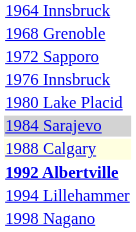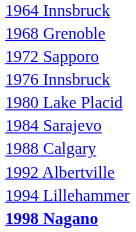 <table>
 <tr>
 <td><a href='#'>1964 Innsbruck</a><br></td>
 <td></td>
 <td></td>
 <td></td>
 </tr>
 <tr>
 <td><a href='#'>1968 Grenoble</a><br></td>
 <td></td>
 <td></td>
 <td></td>
 </tr>
 <tr>
 <td><a href='#'>1972 Sapporo</a><br></td>
 <td></td>
 <td></td>
 <td></td>
 </tr>
 <tr>
 <td><a href='#'>1976 Innsbruck</a><br></td>
 <td></td>
 <td></td>
 <td></td>
 </tr>
 <tr>
 <td><a href='#'>1980 Lake Placid</a><br></td>
 <td></td>
 <td></td>
 <td></td>
 </tr>
 <tr>
-<td style="background: lightgrey;"><a href='#'>1984 Sarajevo</a><br></td>
+<td><a href='#'>1984 Sarajevo</a><br></td>
 <td></td>
 <td></td>
 <td></td>
 </tr>
 <tr>
-<td style="background: lightyellow;"><a href='#'>1988 Calgary</a><br></td>
+<td><a href='#'>1988 Calgary</a><br></td>
 <td></td>
 <td></td>
 <td></td>
 </tr>
 <tr>
-<td><strong><a href='#'>1992 Albertville</a><br></strong></td>
+<td><a href='#'>1992 Albertville</a><br></td>
 <td></td>
 <td></td>
 <td></td>
 </tr>
 <tr>
 <td><a href='#'>1994 Lillehammer</a><br></td>
 <td></td>
 <td></td>
 <td></td>
 </tr>
 <tr>
-<td><a href='#'>1998 Nagano</a><br></td>
+<td><strong><a href='#'>1998 Nagano</a><br></strong></td>
 <td></td>
 <td></td>
 <td></td>
 </tr>
 </table>
